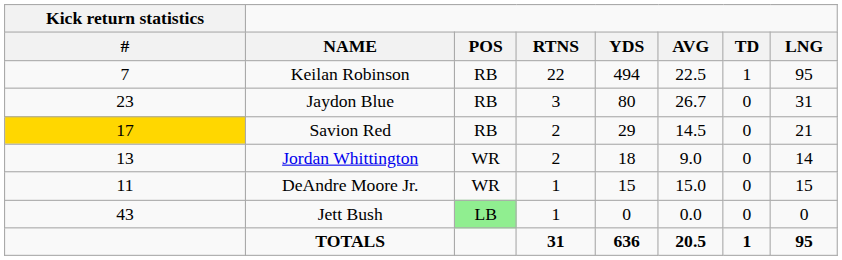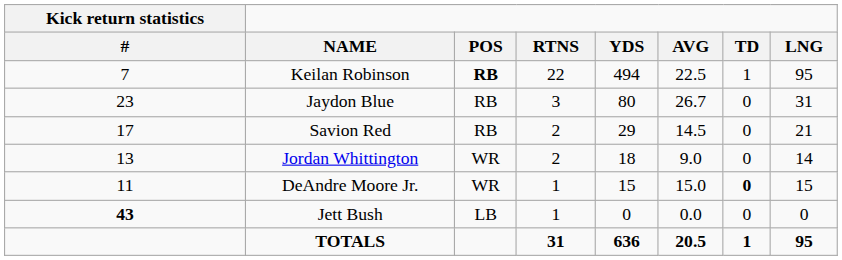 <table style="width:60%; text-align:center;" class="wikitable collapsible collapsed">
 <tr>
 <th style="text-align:center; ">Kick return statistics</th>
 </tr>
 <tr>
 <th>#</th>
 <th>NAME</th>
 <th>POS</th>
 <th>RTNS</th>
 <th>YDS</th>
 <th>AVG</th>
 <th>TD</th>
 <th>LNG</th>
 </tr>
 <tr>
 <td>7</td>
 <td>Keilan Robinson</td>
-<td>RB</td>
+<td><strong>RB</strong></td>
 <td>22</td>
 <td>494</td>
 <td>22.5</td>
 <td>1</td>
 <td>95</td>
 </tr>
 <tr>
 <td>23</td>
 <td>Jaydon Blue</td>
 <td>RB</td>
 <td>3</td>
 <td>80</td>
 <td>26.7</td>
 <td>0</td>
 <td>31</td>
 </tr>
 <tr>
-<td style="background: gold;">17</td>
+<td>17</td>
 <td>Savion Red</td>
 <td>RB</td>
 <td>2</td>
 <td>29</td>
 <td>14.5</td>
 <td>0</td>
 <td>21</td>
 </tr>
 <tr>
 <td>13</td>
 <td><a href='#'>Jordan Whittington</a></td>
 <td>WR</td>
 <td>2</td>
 <td>18</td>
 <td>9.0</td>
 <td>0</td>
 <td>14</td>
 </tr>
 <tr>
 <td>11</td>
 <td>DeAndre Moore Jr.</td>
 <td>WR</td>
 <td>1</td>
 <td>15</td>
 <td>15.0</td>
-<td>0</td>
+<td><strong>0</strong></td>
 <td>15</td>
 </tr>
 <tr>
-<td>43</td>
+<td><strong>43</strong></td>
 <td>Jett Bush</td>
-<td style="background: lightgreen;">LB</td>
+<td>LB</td>
 <td>1</td>
 <td>0</td>
 <td>0.0</td>
 <td>0</td>
 <td>0</td>
 </tr>
 <tr>
 <td></td>
 <td><strong>TOTALS</strong></td>
 <td></td>
 <td><strong>31</strong></td>
 <td><strong>636</strong></td>
 <td><strong>20.5</strong></td>
 <td><strong>1</strong></td>
 <td><strong>95</strong></td>
 </tr>
 </table>
